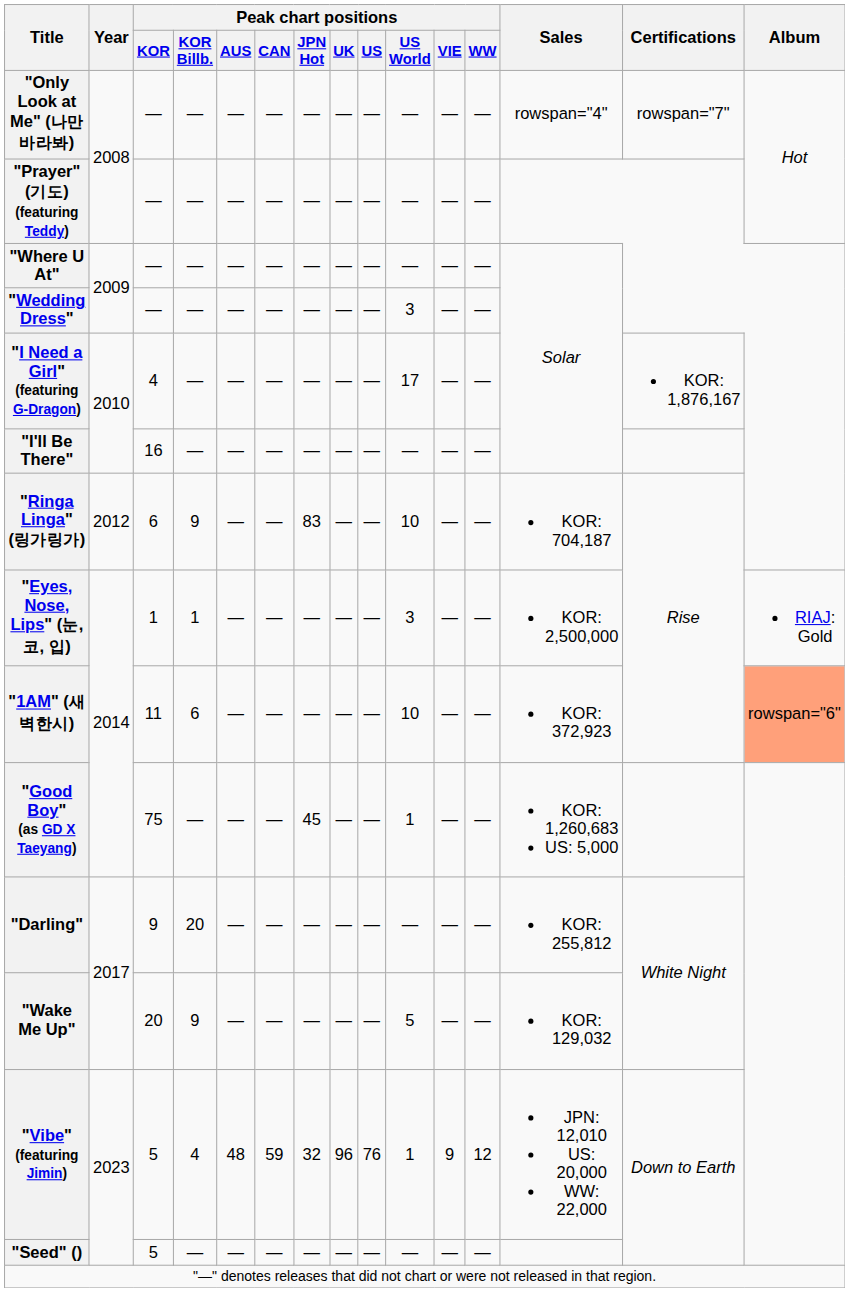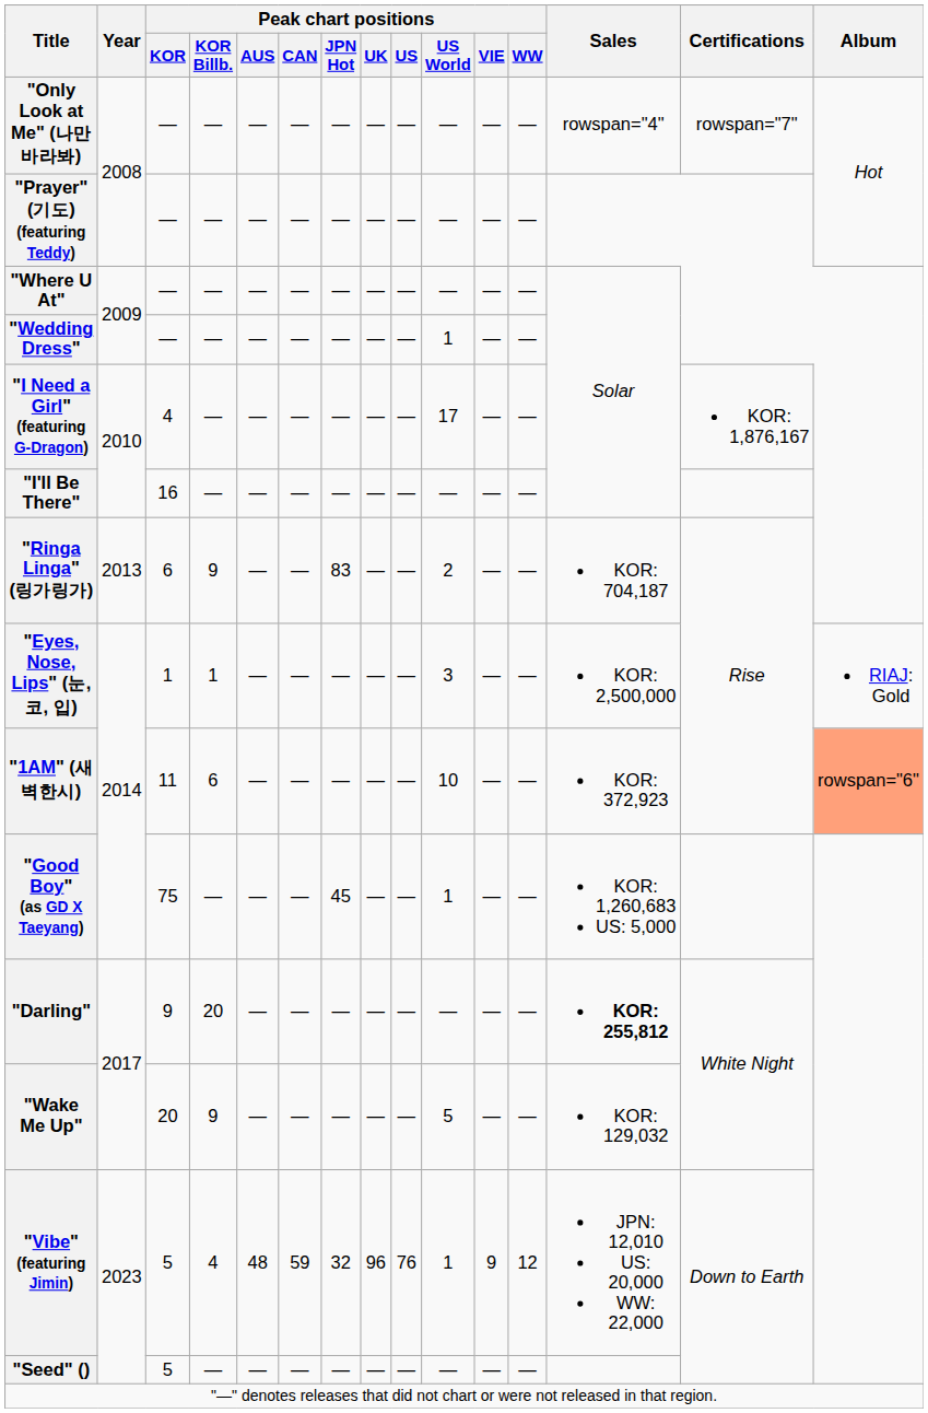 <table class="wikitable plainrowheaders" style="text-align:center;">
 <tr>
 <th rowspan="2" style="width:14.5em;">Title</th>
 <th rowspan="2">Year</th>
 <th colspan="10">Peak chart positions</th>
 <th rowspan="2" style="width:10.5em;">Sales</th>
 <th rowspan="2" style="width:10em;">Certifications</th>
 <th rowspan="2" style="width:8.5em;">Album</th>
 </tr>
 <tr>
 <th style="width:2.75em; font-size:90%;"><a href='#'>KOR</a><br></th>
 <th style="width:2.75em; font-size:90%;"><a href='#'>KOR Billb.</a><br></th>
 <th style="width:2.75em; font-size:90%;"><a href='#'>AUS</a><br></th>
 <th scope="col" style="width:2.75em; font-size:90%;"><a href='#'>CAN</a><br></th>
 <th style="width:2.75em; font-size:90%;"><a href='#'>JPN<br>Hot</a><br></th>
 <th style="width:2.75em; font-size:90%;"><a href='#'>UK</a><br></th>
 <th style="width:2.75em; font-size:90%;"><a href='#'>US</a><br></th>
 <th style="width:2.75em; font-size:90%;"><a href='#'>US<br>World</a><br></th>
 <th style="width:2.75em; font-size:90%;"><a href='#'>VIE</a><br></th>
 <th style="width:2.75em; font-size:90%;"><a href='#'>WW</a><br></th>
 </tr>
 <tr>
 <th scope="row">"Only Look at Me" (나만 바라봐)</th>
 <td rowspan="2">2008</td>
 <td>—</td>
 <td>—</td>
 <td>—</td>
 <td>—</td>
 <td>—</td>
 <td>—</td>
 <td>—</td>
 <td>—</td>
 <td>—</td>
 <td>—</td>
 <td>rowspan="4" </td>
 <td>rowspan="7" </td>
 <td rowspan="2"><em>Hot</em></td>
 </tr>
 <tr>
 <th scope="row">"Prayer" (기도)<br><small>(featuring <a href='#'>Teddy</a>)</small></th>
 <td>—</td>
 <td>—</td>
 <td>—</td>
 <td>—</td>
 <td>—</td>
 <td>—</td>
 <td>—</td>
 <td>—</td>
 <td>—</td>
 <td>—</td>
 </tr>
 <tr>
 <th scope="row">"Where U At"</th>
 <td rowspan="2">2009</td>
 <td>—</td>
 <td>—</td>
 <td>—</td>
 <td>—</td>
 <td>—</td>
 <td>—</td>
 <td>—</td>
 <td>—</td>
 <td>—</td>
 <td>—</td>
 <td rowspan="4"><em>Solar</em></td>
 </tr>
 <tr>
 <th scope="row">"<a href='#'>Wedding Dress</a>"</th>
 <td>—</td>
 <td>—</td>
 <td>—</td>
 <td>—</td>
 <td>—</td>
 <td>—</td>
 <td>—</td>
-<td>3</td>
+<td>1</td>
 <td>—</td>
 <td>—</td>
 </tr>
 <tr>
 <th scope="row">"<a href='#'>I Need a Girl</a>"<br><small>(featuring <a href='#'>G-Dragon</a>)</small></th>
 <td rowspan="2">2010</td>
 <td>4</td>
 <td>—</td>
 <td>—</td>
 <td>—</td>
 <td>—</td>
 <td>—</td>
 <td>—</td>
 <td>17</td>
 <td>—</td>
 <td>—</td>
 <td><br><ul><li>KOR: 1,876,167</li></ul></td>
 </tr>
 <tr>
 <th scope="row">"I'll Be There"</th>
 <td>16</td>
 <td>—</td>
 <td>—</td>
 <td>—</td>
 <td>—</td>
 <td>—</td>
 <td>—</td>
 <td>—</td>
 <td>—</td>
 <td>—</td>
 <td></td>
 </tr>
 <tr>
 <th scope="row">"<a href='#'>Ringa Linga</a>" (링가링가)</th>
-<td>2012</td>
+<td>2013</td>
 <td>6</td>
 <td>9</td>
 <td>—</td>
 <td>—</td>
 <td>83</td>
 <td>—</td>
 <td>—</td>
-<td>10</td>
+<td>2</td>
 <td>—</td>
 <td>—</td>
 <td><br><ul><li>KOR: 704,187</li></ul></td>
 <td rowspan="3"><em>Rise</em></td>
 </tr>
 <tr>
 <th scope="row">"<a href='#'>Eyes, Nose, Lips</a>" (눈, 코, 입)</th>
 <td rowspan="3">2014</td>
 <td>1</td>
 <td>1</td>
 <td>—</td>
 <td>—</td>
 <td>—</td>
 <td>—</td>
 <td>—</td>
 <td>3</td>
 <td>—</td>
 <td>—</td>
 <td><br><ul><li>KOR: 2,500,000</li></ul></td>
 <td><br><ul><li><a href='#'>RIAJ</a>: Gold </li></ul></td>
 </tr>
 <tr>
 <th scope="row">"<a href='#'>1AM</a>" (새벽한시)</th>
 <td>11</td>
 <td>6</td>
 <td>—</td>
 <td>—</td>
 <td>—</td>
 <td>—</td>
 <td>—</td>
 <td>10</td>
 <td>—</td>
 <td>—</td>
 <td><br><ul><li>KOR: 372,923</li></ul></td>
 <td style="background: lightsalmon;">rowspan="6" </td>
 </tr>
 <tr>
 <th scope="row">"<a href='#'>Good Boy</a>"<br><small>(as <a href='#'>GD X Taeyang</a>)</small></th>
 <td>75</td>
 <td>—</td>
 <td>—</td>
 <td>—</td>
 <td>45</td>
 <td>—</td>
 <td>—</td>
 <td>1</td>
 <td>—</td>
 <td>—</td>
 <td><br><ul><li>KOR: 1,260,683</li><li>US: 5,000</li></ul></td>
 <td></td>
 </tr>
 <tr>
 <th scope="row">"Darling"</th>
 <td rowspan="2">2017</td>
 <td>9</td>
 <td>20</td>
 <td>—</td>
 <td>—</td>
 <td>—</td>
 <td>—</td>
 <td>—</td>
 <td>—</td>
 <td>—</td>
 <td>—</td>
-<td><br><ul><li>KOR: 255,812</li></ul></td>
+<td><strong><br><ul><li>KOR: 255,812</li></ul></strong></td>
 <td rowspan="2"><em>White Night</em></td>
 </tr>
 <tr>
 <th scope="row">"Wake Me Up"</th>
 <td>20</td>
 <td>9</td>
 <td>—</td>
 <td>—</td>
 <td>—</td>
 <td>—</td>
 <td>—</td>
 <td>5</td>
 <td>—</td>
 <td>—</td>
 <td><br><ul><li>KOR: 129,032</li></ul></td>
 </tr>
 <tr>
 <th scope="row">"<a href='#'>Vibe</a>"<br><small>(featuring <a href='#'>Jimin</a>)</small></th>
 <td rowspan="2">2023</td>
 <td>5</td>
 <td>4</td>
 <td>48</td>
 <td>59</td>
 <td>32</td>
 <td>96</td>
 <td>76</td>
 <td>1</td>
 <td>9</td>
 <td>12</td>
 <td><br><ul><li>JPN: 12,010</li><li>US: 20,000</li><li>WW: 22,000</li></ul></td>
 <td rowspan="2"><em>Down to Earth</em></td>
 </tr>
 <tr>
 <th scope="row">"Seed" ()</th>
 <td>5</td>
 <td>—</td>
 <td>—</td>
 <td>—</td>
 <td>—</td>
 <td>—</td>
 <td>—</td>
 <td>—</td>
 <td>—</td>
 <td>—</td>
 <td></td>
 </tr>
 <tr>
 <td colspan="15" style="font-size:85%">"—" denotes releases that did not chart or were not released in that region.</td>
 </tr>
 </table>
